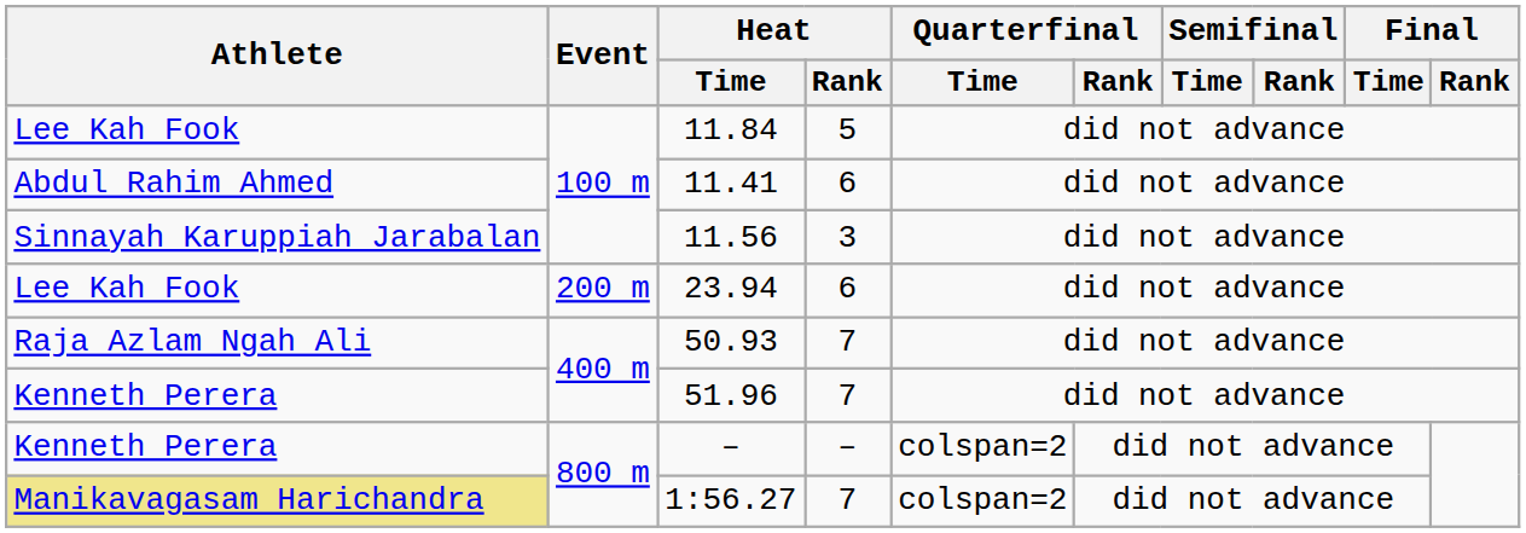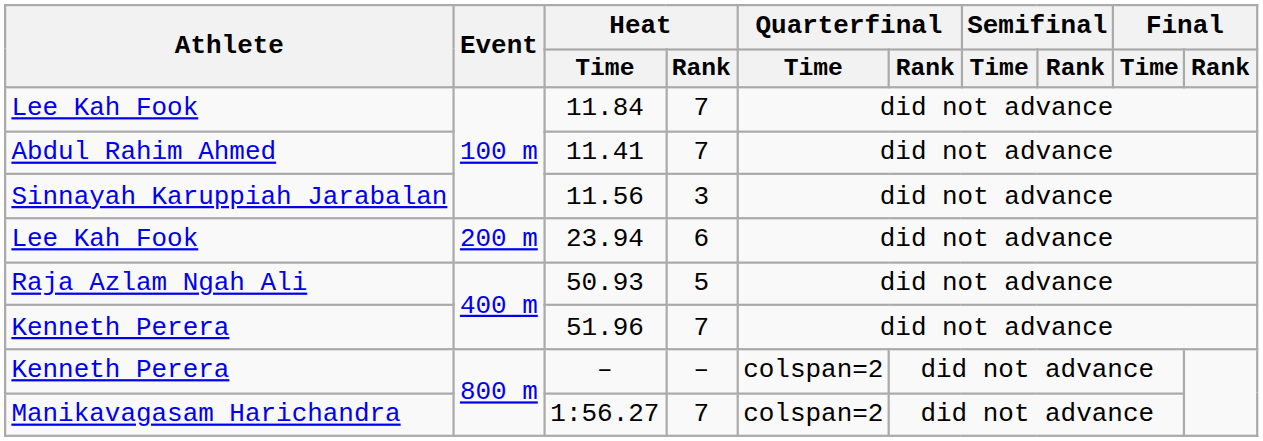 <table class="wikitable" style="font-size:90%">
 <tr>
 <th rowspan="2">Athlete</th>
 <th rowspan="2">Event</th>
 <th colspan="2">Heat</th>
 <th colspan="2">Quarterfinal</th>
 <th colspan="2">Semifinal</th>
 <th colspan="2">Final</th>
 </tr>
 <tr style="font-size:95%">
 <th>Time</th>
 <th>Rank</th>
 <th>Time</th>
 <th>Rank</th>
 <th>Time</th>
 <th>Rank</th>
 <th>Time</th>
 <th>Rank</th>
 </tr>
 <tr align=center>
 <td align=left><a href='#'>Lee Kah Fook</a></td>
 <td align=left rowspan=3><a href='#'>100 m</a></td>
 <td>11.84</td>
-<td>5</td>
+<td>7</td>
 <td colspan=6>did not advance</td>
 </tr>
 <tr align=center>
 <td align=left><a href='#'>Abdul Rahim Ahmed</a></td>
 <td>11.41</td>
-<td>6</td>
+<td>7</td>
 <td colspan=6>did not advance</td>
 </tr>
 <tr align=center>
 <td align=left><a href='#'>Sinnayah Karuppiah Jarabalan</a></td>
 <td>11.56</td>
 <td>3</td>
 <td colspan=6>did not advance</td>
 </tr>
 <tr align=center>
 <td align=left><a href='#'>Lee Kah Fook</a></td>
 <td align=left><a href='#'>200 m</a></td>
 <td>23.94</td>
 <td>6</td>
 <td colspan=6>did not advance</td>
 </tr>
 <tr align=center>
 <td align=left><a href='#'>Raja Azlam Ngah Ali</a></td>
 <td align=left rowspan=2><a href='#'>400 m</a></td>
 <td>50.93</td>
-<td>7</td>
+<td>5</td>
 <td colspan=6>did not advance</td>
 </tr>
 <tr align=center>
 <td align=left><a href='#'>Kenneth Perera</a></td>
 <td>51.96</td>
 <td>7</td>
 <td colspan=6>did not advance</td>
 </tr>
 <tr align=center>
 <td align=left><a href='#'>Kenneth Perera</a></td>
 <td align=left rowspan=2><a href='#'>800 m</a></td>
 <td>–</td>
 <td>–</td>
 <td>colspan=2 </td>
 <td colspan=4>did not advance</td>
 </tr>
 <tr align=center>
-<td align=left style="background: khaki;"><a href='#'>Manikavagasam Harichandra</a></td>
+<td align=left><a href='#'>Manikavagasam Harichandra</a></td>
 <td>1:56.27</td>
 <td>7</td>
 <td>colspan=2 </td>
 <td colspan=4>did not advance</td>
 </tr>
 </table>
